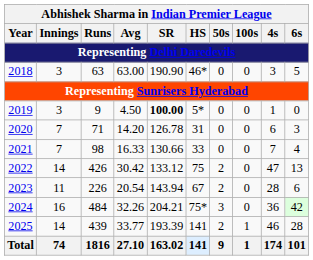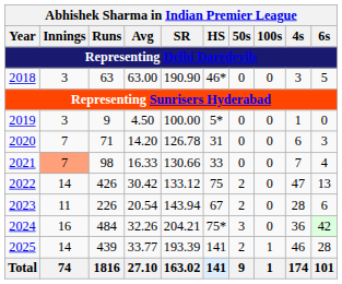 <table class="wikitable" style="text-align:center;">
 <tr>
 <th colspan=11>Abhishek Sharma in <a href='#'><span>Indian Premier League</span></a></th>
 </tr>
 <tr>
 <th>Year</th>
 <th>Innings</th>
 <th>Runs</th>
 <th>Avg</th>
 <th>SR</th>
 <th>HS</th>
 <th>50s</th>
 <th>100s</th>
 <th>4s</th>
 <th>6s</th>
 </tr>
 <tr>
 <th colspan=11 style="background:#191970; color:#FFFFFF">Representing <a href='#'><span>Delhi Daredevils</span></a></th>
 </tr>
 <tr>
 <td><a href='#'>2018</a></td>
 <td>3</td>
 <td>63</td>
 <td>63.00</td>
 <td>190.90</td>
 <td>46*</td>
 <td>0</td>
 <td>0</td>
 <td>3</td>
 <td>5</td>
 </tr>
 <tr>
 <th colspan=11 style="background:#FF4500; color:#FFFFFF">Representing <a href='#'><span>Sunrisers Hyderabad</span></a></th>
 </tr>
 <tr>
 <td><a href='#'>2019</a></td>
 <td>3</td>
 <td>9</td>
 <td>4.50</td>
-<td><strong>100.00</strong></td>
+<td>100.00</td>
 <td>5*</td>
 <td>0</td>
 <td>0</td>
 <td>1</td>
 <td>0</td>
 </tr>
 <tr>
 <td><a href='#'>2020</a></td>
 <td>7</td>
 <td>71</td>
 <td>14.20</td>
 <td>126.78</td>
 <td>31</td>
 <td>0</td>
 <td>0</td>
 <td>6</td>
 <td>3</td>
 </tr>
 <tr>
 <td><a href='#'>2021</a></td>
-<td>7</td>
+<td style="background: lightsalmon;">7</td>
 <td>98</td>
 <td>16.33</td>
 <td>130.66</td>
 <td>33</td>
 <td>0</td>
 <td>0</td>
 <td>7</td>
 <td>4</td>
 </tr>
 <tr>
 <td><a href='#'>2022</a></td>
 <td>14</td>
 <td>426</td>
 <td>30.42</td>
 <td>133.12</td>
 <td>75</td>
 <td>2</td>
 <td>0</td>
 <td>47</td>
 <td>13</td>
 </tr>
 <tr>
 <td><a href='#'>2023</a></td>
 <td>11</td>
 <td>226</td>
 <td>20.54</td>
 <td>143.94</td>
 <td>67</td>
 <td>2</td>
 <td>0</td>
 <td>28</td>
 <td>6</td>
 </tr>
 <tr>
 <td><a href='#'>2024</a></td>
 <td>16</td>
 <td>484</td>
 <td>32.26</td>
 <td>204.21</td>
 <td>75*</td>
 <td>3</td>
 <td>0</td>
 <td>36</td>
 <td bgcolor=#DCFFDD>42</td>
 </tr>
 <tr>
 <td><a href='#'>2025</a></td>
 <td>14</td>
 <td>439</td>
 <td>33.77</td>
 <td>193.39</td>
 <td>141</td>
 <td>2</td>
 <td>1</td>
 <td>46</td>
 <td>28</td>
 </tr>
 <tr>
 <th>Total</th>
 <th>74</th>
 <th>1816</th>
 <th>27.10</th>
 <th>163.02</th>
 <td bgcolor=#DDEEFF><strong>141</strong></td>
 <th>9</th>
 <th>1</th>
 <th>174</th>
 <th>101</th>
 </tr>
 </table>
